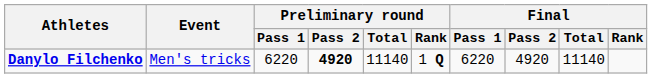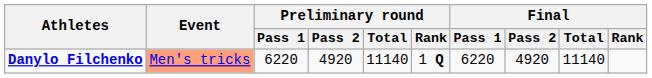 <table class=wikitable style="font-size:90%">
 <tr>
 <th rowspan="2">Athletes</th>
 <th rowspan="2">Event</th>
 <th colspan="4">Preliminary round</th>
 <th colspan="4">Final</th>
 </tr>
 <tr style="font-size:95%">
 <th>Pass 1</th>
 <th>Pass 2</th>
 <th>Total</th>
 <th>Rank</th>
 <th>Pass 1</th>
 <th>Pass 2</th>
 <th>Total</th>
 <th>Rank</th>
 </tr>
 <tr align=center>
 <td align=left><strong><a href='#'>Danylo Filchenko</a></strong></td>
-<td align=left><a href='#'>Men's tricks</a></td>
+<td align=left style="background: lightsalmon;"><a href='#'>Men's tricks</a></td>
 <td>6220</td>
-<td><strong>4920</strong></td>
+<td>4920</td>
 <td>11140</td>
 <td>1 <strong>Q</strong></td>
 <td>6220</td>
 <td>4920</td>
 <td>11140</td>
 <td></td>
 </tr>
 </table>
